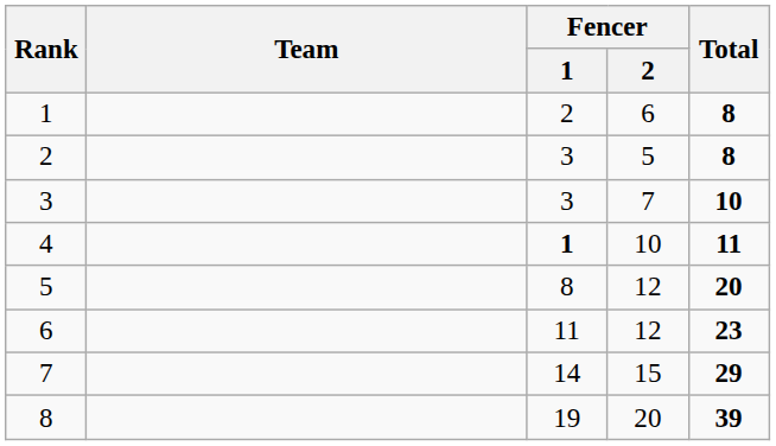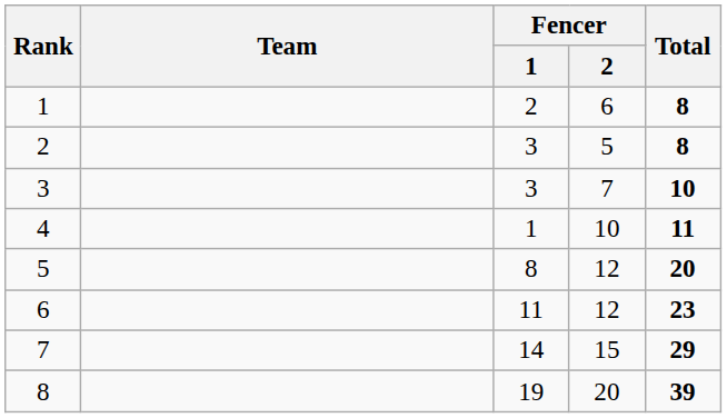 <table class=wikitable style="text-align:center">
 <tr>
 <th rowspan=2 width=40>Rank</th>
 <th rowspan=2 width=250>Team</th>
 <th colspan=2>Fencer</th>
 <th rowspan=2 width=40>Total</th>
 </tr>
 <tr>
 <th width=40>1</th>
 <th width=40>2</th>
 </tr>
 <tr>
 <td>1</td>
 <td align=left></td>
 <td>2</td>
 <td>6</td>
 <td><strong>8</strong></td>
 </tr>
 <tr>
 <td>2</td>
 <td align=left></td>
 <td>3</td>
 <td>5</td>
 <td><strong>8</strong></td>
 </tr>
 <tr>
 <td>3</td>
 <td align=left></td>
 <td>3</td>
 <td>7</td>
 <td><strong>10</strong></td>
 </tr>
 <tr>
 <td>4</td>
 <td align=left></td>
-<td><strong>1</strong></td>
+<td>1</td>
 <td>10</td>
 <td><strong>11</strong></td>
 </tr>
 <tr>
 <td>5</td>
 <td align=left></td>
 <td>8</td>
 <td>12</td>
 <td><strong>20</strong></td>
 </tr>
 <tr>
 <td>6</td>
 <td align=left></td>
 <td>11</td>
 <td>12</td>
 <td><strong>23</strong></td>
 </tr>
 <tr>
 <td>7</td>
 <td align=left></td>
 <td>14</td>
 <td>15</td>
 <td><strong>29</strong></td>
 </tr>
 <tr>
 <td>8</td>
 <td align=left></td>
 <td>19</td>
 <td>20</td>
 <td><strong>39</strong></td>
 </tr>
 </table>
